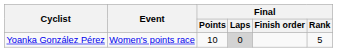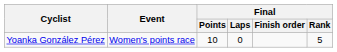 <table class="wikitable" style="font-size:90%">
 <tr>
 <th rowspan="2">Cyclist</th>
 <th rowspan="2">Event</th>
 <th colspan=4>Final</th>
 </tr>
 <tr style="font-size:95%">
 <th>Points</th>
 <th>Laps</th>
 <th>Finish order</th>
 <th>Rank</th>
 </tr>
 <tr align=center>
 <td align=left><a href='#'>Yoanka González Pérez</a></td>
 <td align=left><a href='#'>Women's points race</a></td>
 <td>10</td>
-<td style="background: lightgrey;">0</td>
+<td>0</td>
 <td></td>
 <td>5</td>
 </tr>
 </table>
